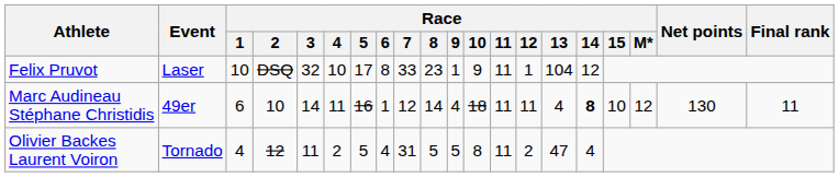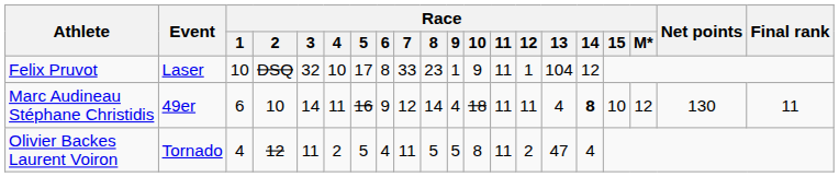 <table class="wikitable" style="font-size:90%">
 <tr>
 <th rowspan=2>Athlete</th>
 <th rowspan=2>Event</th>
 <th colspan=16>Race</th>
 <th rowspan=2>Net points</th>
 <th rowspan=2>Final rank</th>
 </tr>
 <tr style="font-size:95%">
 <th>1</th>
 <th>2</th>
 <th>3</th>
 <th>4</th>
 <th>5</th>
 <th>6</th>
 <th>7</th>
 <th>8</th>
 <th>9</th>
 <th>10</th>
 <th>11</th>
 <th>12</th>
 <th>13</th>
 <th>14</th>
 <th>15</th>
 <th>M*</th>
 </tr>
 <tr align=center>
 <td align=left><a href='#'>Felix Pruvot</a></td>
 <td align=left><a href='#'>Laser</a></td>
 <td>10</td>
 <td><s>DSQ</s></td>
 <td>32</td>
 <td>10</td>
 <td>17</td>
 <td>8</td>
 <td>33</td>
 <td>23</td>
 <td>1</td>
 <td>9</td>
 <td>11</td>
 <td>1</td>
 <td>104</td>
 <td>12</td>
 </tr>
 <tr align=center>
 <td align=left><a href='#'>Marc Audineau</a><br><a href='#'>Stéphane Christidis</a></td>
 <td align=left><a href='#'>49er</a></td>
 <td>6</td>
 <td>10</td>
 <td>14</td>
 <td>11</td>
 <td><s>16</s></td>
-<td>1</td>
+<td>9</td>
 <td>12</td>
 <td>14</td>
 <td>4</td>
 <td><s>18</s></td>
 <td>11</td>
 <td>11</td>
 <td>4</td>
 <td><strong>8</strong></td>
 <td>10</td>
 <td>12</td>
 <td>130</td>
 <td>11</td>
 </tr>
 <tr align=center>
 <td align=left><a href='#'>Olivier Backes</a><br><a href='#'>Laurent Voiron</a></td>
 <td align=left><a href='#'>Tornado</a></td>
 <td>4</td>
 <td><s>12</s></td>
 <td>11</td>
 <td>2</td>
 <td>5</td>
 <td>4</td>
-<td>31</td>
+<td>11</td>
 <td>5</td>
 <td>5</td>
 <td>8</td>
 <td>11</td>
 <td>2</td>
 <td>47</td>
 <td>4</td>
 </tr>
 </table>
